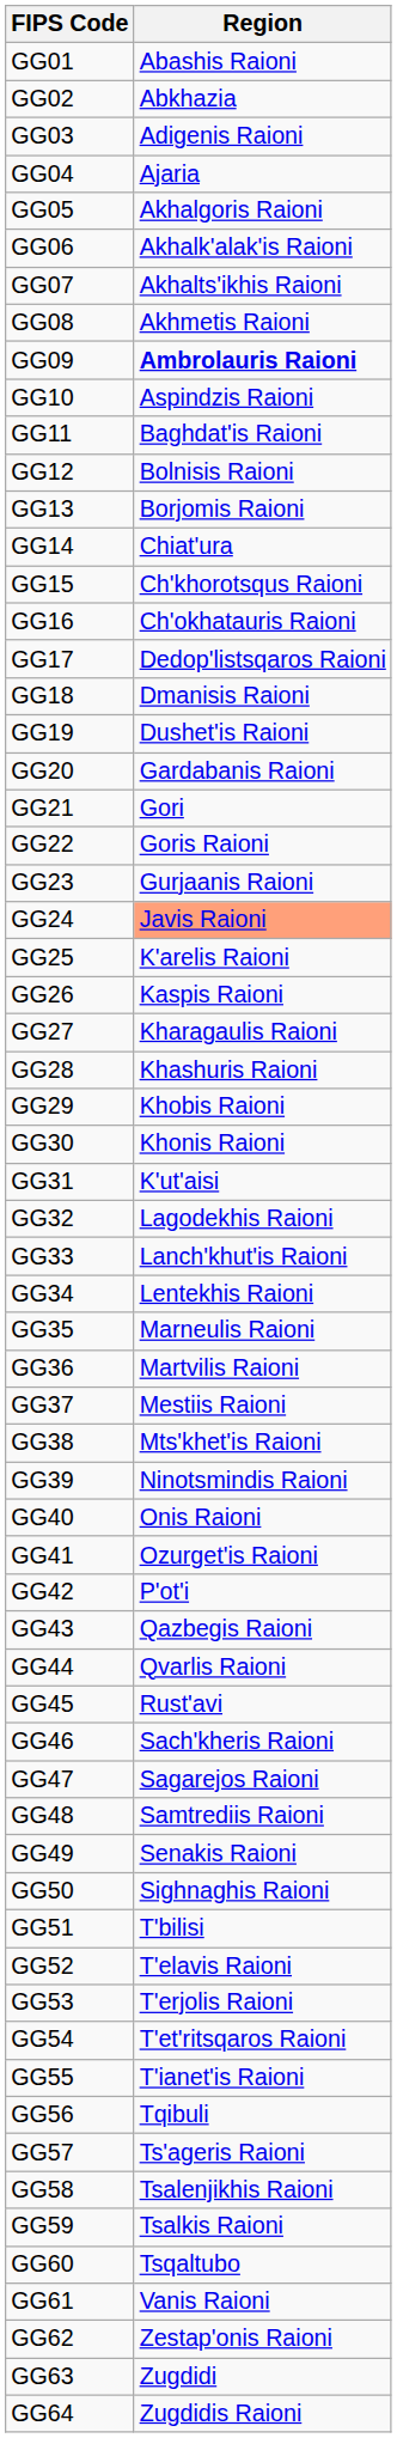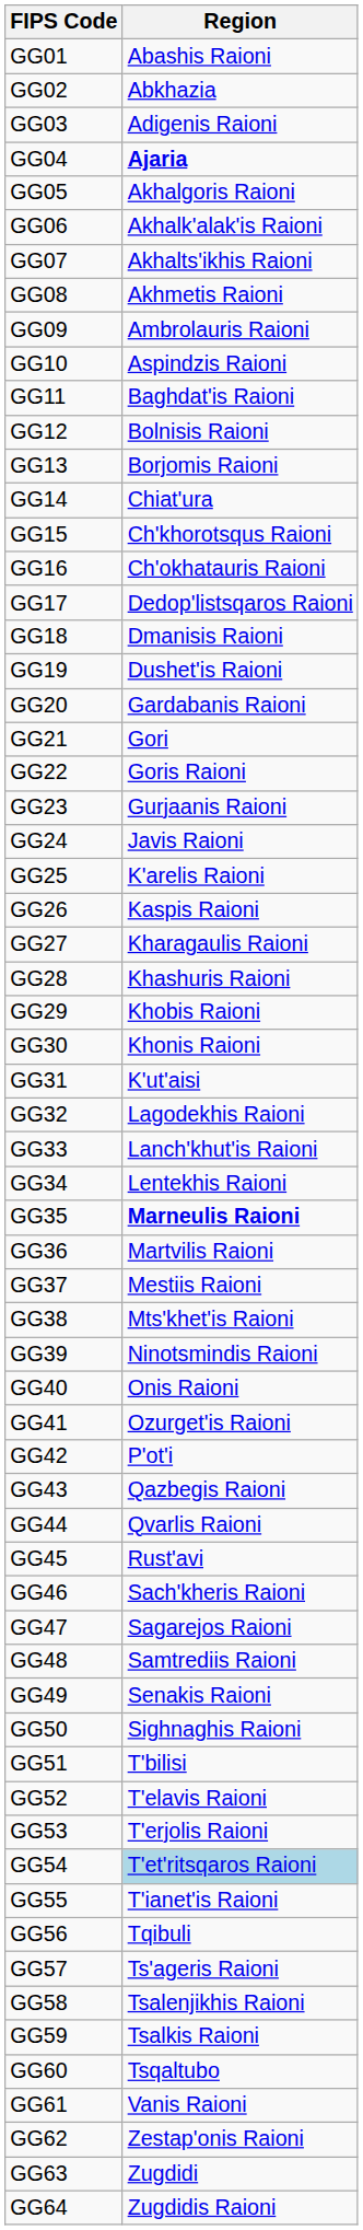 <table class="wikitable">
 <tr>
 <th>FIPS Code</th>
 <th>Region</th>
 </tr>
 <tr>
 <td>GG01</td>
 <td><a href='#'>Abashis Raioni</a></td>
 </tr>
 <tr>
 <td>GG02</td>
 <td><a href='#'>Abkhazia</a></td>
 </tr>
 <tr>
 <td>GG03</td>
 <td><a href='#'>Adigenis Raioni</a></td>
 </tr>
 <tr>
 <td>GG04</td>
-<td><a href='#'>Ajaria</a></td>
+<td><strong><a href='#'>Ajaria</a></strong></td>
 </tr>
 <tr>
 <td>GG05</td>
 <td><a href='#'>Akhalgoris Raioni</a></td>
 </tr>
 <tr>
 <td>GG06</td>
 <td><a href='#'>Akhalk'alak'is Raioni</a></td>
 </tr>
 <tr>
 <td>GG07</td>
 <td><a href='#'>Akhalts'ikhis Raioni</a></td>
 </tr>
 <tr>
 <td>GG08</td>
 <td><a href='#'>Akhmetis Raioni</a></td>
 </tr>
 <tr>
 <td>GG09</td>
-<td><strong><a href='#'>Ambrolauris Raioni</a></strong></td>
+<td><a href='#'>Ambrolauris Raioni</a></td>
 </tr>
 <tr>
 <td>GG10</td>
 <td><a href='#'>Aspindzis Raioni</a></td>
 </tr>
 <tr>
 <td>GG11</td>
 <td><a href='#'>Baghdat'is Raioni</a></td>
 </tr>
 <tr>
 <td>GG12</td>
 <td><a href='#'>Bolnisis Raioni</a></td>
 </tr>
 <tr>
 <td>GG13</td>
 <td><a href='#'>Borjomis Raioni</a></td>
 </tr>
 <tr>
 <td>GG14</td>
 <td><a href='#'>Chiat'ura</a></td>
 </tr>
 <tr>
 <td>GG15</td>
 <td><a href='#'>Ch'khorotsqus Raioni</a></td>
 </tr>
 <tr>
 <td>GG16</td>
 <td><a href='#'>Ch'okhatauris Raioni</a></td>
 </tr>
 <tr>
 <td>GG17</td>
 <td><a href='#'>Dedop'listsqaros Raioni</a></td>
 </tr>
 <tr>
 <td>GG18</td>
 <td><a href='#'>Dmanisis Raioni</a></td>
 </tr>
 <tr>
 <td>GG19</td>
 <td><a href='#'>Dushet'is Raioni</a></td>
 </tr>
 <tr>
 <td>GG20</td>
 <td><a href='#'>Gardabanis Raioni</a></td>
 </tr>
 <tr>
 <td>GG21</td>
 <td><a href='#'>Gori</a></td>
 </tr>
 <tr>
 <td>GG22</td>
 <td><a href='#'>Goris Raioni</a></td>
 </tr>
 <tr>
 <td>GG23</td>
 <td><a href='#'>Gurjaanis Raioni</a></td>
 </tr>
 <tr>
 <td>GG24</td>
-<td style="background: lightsalmon;"><a href='#'>Javis Raioni</a></td>
+<td><a href='#'>Javis Raioni</a></td>
 </tr>
 <tr>
 <td>GG25</td>
 <td><a href='#'>K'arelis Raioni</a></td>
 </tr>
 <tr>
 <td>GG26</td>
 <td><a href='#'>Kaspis Raioni</a></td>
 </tr>
 <tr>
 <td>GG27</td>
 <td><a href='#'>Kharagaulis Raioni</a></td>
 </tr>
 <tr>
 <td>GG28</td>
 <td><a href='#'>Khashuris Raioni</a></td>
 </tr>
 <tr>
 <td>GG29</td>
 <td><a href='#'>Khobis Raioni</a></td>
 </tr>
 <tr>
 <td>GG30</td>
 <td><a href='#'>Khonis Raioni</a></td>
 </tr>
 <tr>
 <td>GG31</td>
 <td><a href='#'>K'ut'aisi</a></td>
 </tr>
 <tr>
 <td>GG32</td>
 <td><a href='#'>Lagodekhis Raioni</a></td>
 </tr>
 <tr>
 <td>GG33</td>
 <td><a href='#'>Lanch'khut'is Raioni</a></td>
 </tr>
 <tr>
 <td>GG34</td>
 <td><a href='#'>Lentekhis Raioni</a></td>
 </tr>
 <tr>
 <td>GG35</td>
-<td><a href='#'>Marneulis Raioni</a></td>
+<td><strong><a href='#'>Marneulis Raioni</a></strong></td>
 </tr>
 <tr>
 <td>GG36</td>
 <td><a href='#'>Martvilis Raioni</a></td>
 </tr>
 <tr>
 <td>GG37</td>
 <td><a href='#'>Mestiis Raioni</a></td>
 </tr>
 <tr>
 <td>GG38</td>
 <td><a href='#'>Mts'khet'is Raioni</a></td>
 </tr>
 <tr>
 <td>GG39</td>
 <td><a href='#'>Ninotsmindis Raioni</a></td>
 </tr>
 <tr>
 <td>GG40</td>
 <td><a href='#'>Onis Raioni</a></td>
 </tr>
 <tr>
 <td>GG41</td>
 <td><a href='#'>Ozurget'is Raioni</a></td>
 </tr>
 <tr>
 <td>GG42</td>
 <td><a href='#'>P'ot'i</a></td>
 </tr>
 <tr>
 <td>GG43</td>
 <td><a href='#'>Qazbegis Raioni</a></td>
 </tr>
 <tr>
 <td>GG44</td>
 <td><a href='#'>Qvarlis Raioni</a></td>
 </tr>
 <tr>
 <td>GG45</td>
 <td><a href='#'>Rust'avi</a></td>
 </tr>
 <tr>
 <td>GG46</td>
 <td><a href='#'>Sach'kheris Raioni</a></td>
 </tr>
 <tr>
 <td>GG47</td>
 <td><a href='#'>Sagarejos Raioni</a></td>
 </tr>
 <tr>
 <td>GG48</td>
 <td><a href='#'>Samtrediis Raioni</a></td>
 </tr>
 <tr>
 <td>GG49</td>
 <td><a href='#'>Senakis Raioni</a></td>
 </tr>
 <tr>
 <td>GG50</td>
 <td><a href='#'>Sighnaghis Raioni</a></td>
 </tr>
 <tr>
 <td>GG51</td>
 <td><a href='#'>T'bilisi</a></td>
 </tr>
 <tr>
 <td>GG52</td>
 <td><a href='#'>T'elavis Raioni</a></td>
 </tr>
 <tr>
 <td>GG53</td>
 <td><a href='#'>T'erjolis Raioni</a></td>
 </tr>
 <tr>
 <td>GG54</td>
-<td><a href='#'>T'et'ritsqaros Raioni</a></td>
+<td style="background: lightblue;"><a href='#'>T'et'ritsqaros Raioni</a></td>
 </tr>
 <tr>
 <td>GG55</td>
 <td><a href='#'>T'ianet'is Raioni</a></td>
 </tr>
 <tr>
 <td>GG56</td>
 <td><a href='#'>Tqibuli</a></td>
 </tr>
 <tr>
 <td>GG57</td>
 <td><a href='#'>Ts'ageris Raioni</a></td>
 </tr>
 <tr>
 <td>GG58</td>
 <td><a href='#'>Tsalenjikhis Raioni</a></td>
 </tr>
 <tr>
 <td>GG59</td>
 <td><a href='#'>Tsalkis Raioni</a></td>
 </tr>
 <tr>
 <td>GG60</td>
 <td><a href='#'>Tsqaltubo</a></td>
 </tr>
 <tr>
 <td>GG61</td>
 <td><a href='#'>Vanis Raioni</a></td>
 </tr>
 <tr>
 <td>GG62</td>
 <td><a href='#'>Zestap'onis Raioni</a></td>
 </tr>
 <tr>
 <td>GG63</td>
 <td><a href='#'>Zugdidi</a></td>
 </tr>
 <tr>
 <td>GG64</td>
 <td><a href='#'>Zugdidis Raioni</a></td>
 </tr>
 </table>
